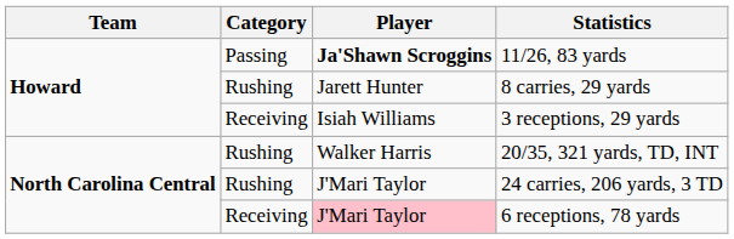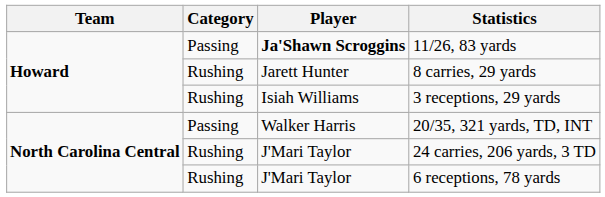 <table class="wikitable" style="float: right;">
 <tr>
 <th>Team</th>
 <th>Category</th>
 <th>Player</th>
 <th>Statistics</th>
 </tr>
 <tr>
 <td rowspan=3><strong>Howard</strong></td>
 <td>Passing</td>
 <td><strong>Ja'Shawn Scroggins</strong></td>
 <td>11/26, 83 yards</td>
 </tr>
 <tr>
 <td>Rushing</td>
 <td>Jarett Hunter</td>
 <td>8 carries, 29 yards</td>
 </tr>
 <tr>
-<td>Receiving</td>
+<td>Rushing</td>
 <td>Isiah Williams</td>
 <td>3 receptions, 29 yards</td>
 </tr>
 <tr>
 <td rowspan=3><strong>North Carolina Central</strong></td>
-<td>Rushing</td>
+<td>Passing</td>
 <td>Walker Harris</td>
 <td>20/35, 321 yards, TD, INT</td>
 </tr>
 <tr>
 <td>Rushing</td>
 <td>J'Mari Taylor</td>
 <td>24 carries, 206 yards, 3 TD</td>
 </tr>
 <tr>
-<td>Receiving</td>
-<td style="background: pink;">J'Mari Taylor</td>
+<td>Rushing</td>
+<td>J'Mari Taylor</td>
 <td>6 receptions, 78 yards</td>
 </tr>
 </table>
